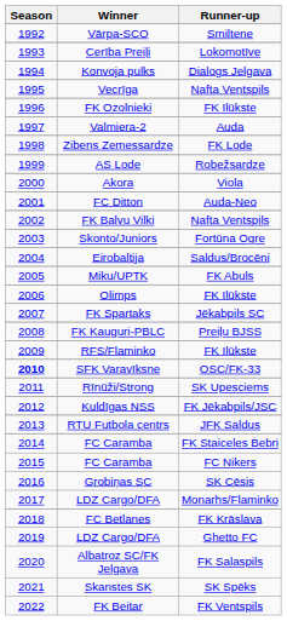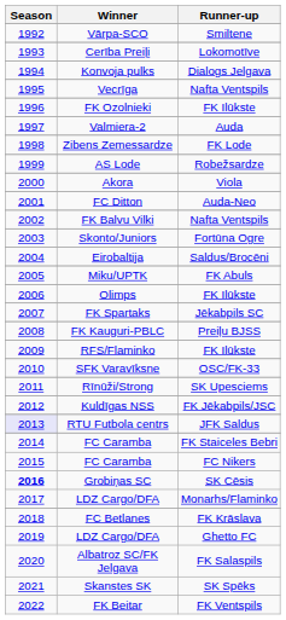 <table class="wikitable" style="font-size:95%; text-align:center;">
 <tr>
 <th width="60">Season</th>
 <th width="150">Winner</th>
 <th width="120">Runner-up</th>
 </tr>
 <tr>
 </tr>
 <tr align="center">
 <td><a href='#'>1992</a></td>
 <td><a href='#'>Vārpa-SCO</a></td>
 <td><a href='#'>Smiltene</a></td>
 </tr>
 <tr>
 </tr>
 <tr align="center">
 <td><a href='#'>1993</a></td>
 <td><a href='#'>Cerība Preiļi</a></td>
 <td><a href='#'>Lokomotīve</a></td>
 </tr>
 <tr>
 </tr>
 <tr align="center">
 <td><a href='#'>1994</a></td>
 <td><a href='#'>Konvoja pulks</a></td>
 <td><a href='#'>Dialogs Jelgava</a></td>
 </tr>
 <tr>
 </tr>
 <tr align="center">
 <td><a href='#'>1995</a></td>
 <td><a href='#'>Vecrīga</a></td>
 <td><a href='#'>Nafta Ventspils</a></td>
 </tr>
 <tr>
 </tr>
 <tr align="center">
 <td><a href='#'>1996</a></td>
 <td><a href='#'>FK Ozolnieki</a></td>
 <td><a href='#'>FK Ilūkste</a></td>
 </tr>
 <tr>
 </tr>
 <tr align="center">
 <td><a href='#'>1997</a></td>
 <td><a href='#'>Valmiera-2</a></td>
 <td><a href='#'>Auda</a></td>
 </tr>
 <tr>
 </tr>
 <tr align="center">
 <td><a href='#'>1998</a></td>
 <td><a href='#'>Zibens Zemessardze</a></td>
 <td><a href='#'>FK Lode</a></td>
 </tr>
 <tr>
 </tr>
 <tr align="center">
 <td><a href='#'>1999</a></td>
 <td><a href='#'>AS Lode</a></td>
 <td><a href='#'>Robežsardze</a></td>
 </tr>
 <tr>
 </tr>
 <tr align="center">
 <td><a href='#'>2000</a></td>
 <td><a href='#'>Akora</a></td>
 <td><a href='#'>Viola</a></td>
 </tr>
 <tr>
 </tr>
 <tr align="center">
 <td><a href='#'>2001</a></td>
 <td><a href='#'>FC Ditton</a></td>
 <td><a href='#'>Auda-Neo</a></td>
 </tr>
 <tr>
 </tr>
 <tr align="center">
 <td><a href='#'>2002</a></td>
 <td><a href='#'>FK Balvu Vilki</a></td>
 <td><a href='#'>Nafta Ventspils</a></td>
 </tr>
 <tr>
 </tr>
 <tr align="center">
 <td><a href='#'>2003</a></td>
 <td><a href='#'>Skonto/Juniors</a></td>
 <td><a href='#'>Fortūna Ogre</a></td>
 </tr>
 <tr>
 </tr>
 <tr align="center">
 <td><a href='#'>2004</a></td>
 <td><a href='#'>Eirobaltija</a></td>
 <td><a href='#'>Saldus/Brocēni</a></td>
 </tr>
 <tr>
 </tr>
 <tr align="center">
 <td><a href='#'>2005</a></td>
 <td><a href='#'>Miku/UPTK</a></td>
 <td><a href='#'>FK Abuls</a></td>
 </tr>
 <tr>
 </tr>
 <tr align="center">
 <td><a href='#'>2006</a></td>
 <td><a href='#'>Olimps</a></td>
 <td><a href='#'>FK Ilūkste</a></td>
 </tr>
 <tr>
 </tr>
 <tr align="center">
 <td><a href='#'>2007</a></td>
 <td><a href='#'>FK Spartaks</a></td>
 <td><a href='#'>Jēkabpils SC</a></td>
 </tr>
 <tr>
 </tr>
 <tr align="center">
 <td><a href='#'>2008</a></td>
 <td><a href='#'>FK Kauguri-PBLC</a></td>
 <td><a href='#'>Preiļu BJSS</a></td>
 </tr>
 <tr>
 </tr>
 <tr align="center">
 <td><a href='#'>2009</a></td>
 <td><a href='#'>RFS/Flaminko</a></td>
 <td><a href='#'>FK Ilūkste</a></td>
 </tr>
 <tr>
 </tr>
 <tr align="center">
-<td><strong><a href='#'>2010</a></strong></td>
+<td><a href='#'>2010</a></td>
 <td><a href='#'>SFK Varavīksne</a></td>
 <td><a href='#'>OSC/FK-33</a></td>
 </tr>
 <tr>
 </tr>
 <tr align="center">
 <td><a href='#'>2011</a></td>
 <td><a href='#'>Rīnūži/Strong</a></td>
 <td><a href='#'>SK Upesciems</a></td>
 </tr>
 <tr>
 </tr>
 <tr align="center">
 <td><a href='#'>2012</a></td>
 <td><a href='#'>Kuldīgas NSS</a></td>
 <td><a href='#'>FK Jēkabpils/JSC</a></td>
 </tr>
 <tr>
 </tr>
 <tr align="center">
-<td><a href='#'>2013</a></td>
+<td style="background: lavender;"><a href='#'>2013</a></td>
 <td><a href='#'>RTU Futbola centrs</a></td>
 <td><a href='#'>JFK Saldus</a></td>
 </tr>
 <tr>
 </tr>
 <tr align="center">
 <td><a href='#'>2014</a></td>
 <td><a href='#'>FC Caramba</a></td>
 <td><a href='#'>FK Staiceles Bebri</a></td>
 </tr>
 <tr>
 <td><a href='#'>2015</a></td>
 <td><a href='#'>FC Caramba</a></td>
 <td><a href='#'>FC Nikers</a></td>
 </tr>
 <tr>
-<td><a href='#'>2016</a></td>
+<td><strong><a href='#'>2016</a></strong></td>
 <td><a href='#'>Grobiņas SC</a></td>
 <td><a href='#'>SK Cēsis</a></td>
 </tr>
 <tr>
 <td><a href='#'>2017</a></td>
 <td><a href='#'>LDZ Cargo/DFA</a></td>
 <td><a href='#'>Monarhs/Flaminko</a></td>
 </tr>
 <tr>
 </tr>
 <tr align="center">
 <td><a href='#'>2018</a></td>
 <td><a href='#'>FC Betlanes</a></td>
 <td><a href='#'>FK Krāslava</a></td>
 </tr>
 <tr>
 <td><a href='#'>2019</a></td>
 <td><a href='#'>LDZ Cargo/DFA</a></td>
 <td><a href='#'>Ghetto FC</a></td>
 </tr>
 <tr>
 <td><a href='#'>2020</a></td>
 <td><a href='#'>Albatroz SC/FK Jelgava</a></td>
 <td><a href='#'>FK Salaspils</a></td>
 </tr>
 <tr>
 <td><a href='#'>2021</a></td>
 <td><a href='#'>Skanstes SK</a></td>
 <td><a href='#'>SK Spēks</a></td>
 </tr>
 <tr>
 <td><a href='#'>2022</a></td>
 <td><a href='#'>FK Beitar</a></td>
 <td><a href='#'>FK Ventspils</a></td>
 </tr>
 </table>
